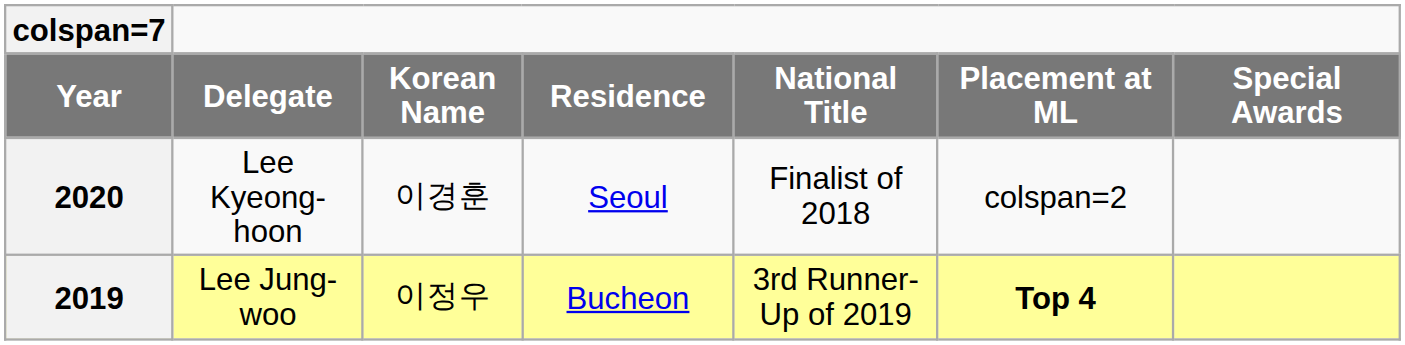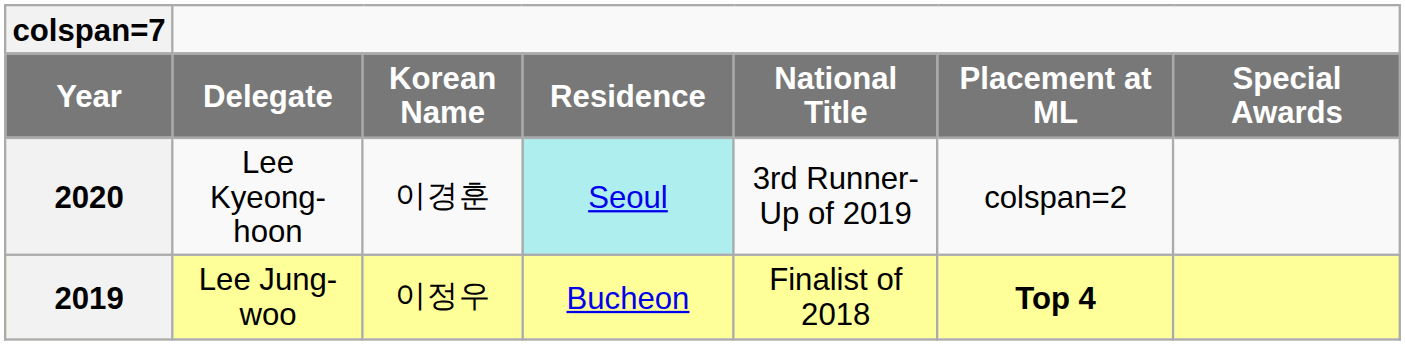 <table class="wikitable sortable" style="font-size: 85%; text-align:center">
 <tr>
 <th>colspan=7 </th>
 </tr>
 <tr>
 <th width="60" style="background-color:#787878;color:#FFFFFF;">Year</th>
 <th width="170" style="background-color:#787878;color:#FFFFFF;">Delegate</th>
 <th width="140" style="background-color:#787878;color:#FFFFFF;">Korean Name</th>
 <th width="170" style="background-color:#787878;color:#FFFFFF;">Residence</th>
 <th width="220" style="background-color:#787878;color:#FFFFFF;">National Title</th>
 <th width="230" style="background-color:#787878;color:#FFFFFF;">Placement at ML</th>
 <th width="300" style="background-color:#787878;color:#FFFFFF;">Special Awards</th>
 </tr>
 <tr>
 <th>2020</th>
 <td>Lee Kyeong-hoon</td>
 <td>이경훈</td>
-<td><a href='#'>Seoul</a></td>
-<td>Finalist of 2018</td>
+<td style="background: paleturquoise;"><a href='#'>Seoul</a></td>
+<td>3rd Runner-Up of 2019</td>
 <td>colspan=2 </td>
 </tr>
 <tr style="background-color:#FFFF99;">
 <th>2019</th>
 <td>Lee Jung-woo</td>
 <td>이정우</td>
 <td><a href='#'>Bucheon</a></td>
-<td>3rd Runner-Up of 2019</td>
+<td>Finalist of 2018</td>
 <td><strong>Top 4</strong></td>
 <td></td>
 </tr>
 </table>
